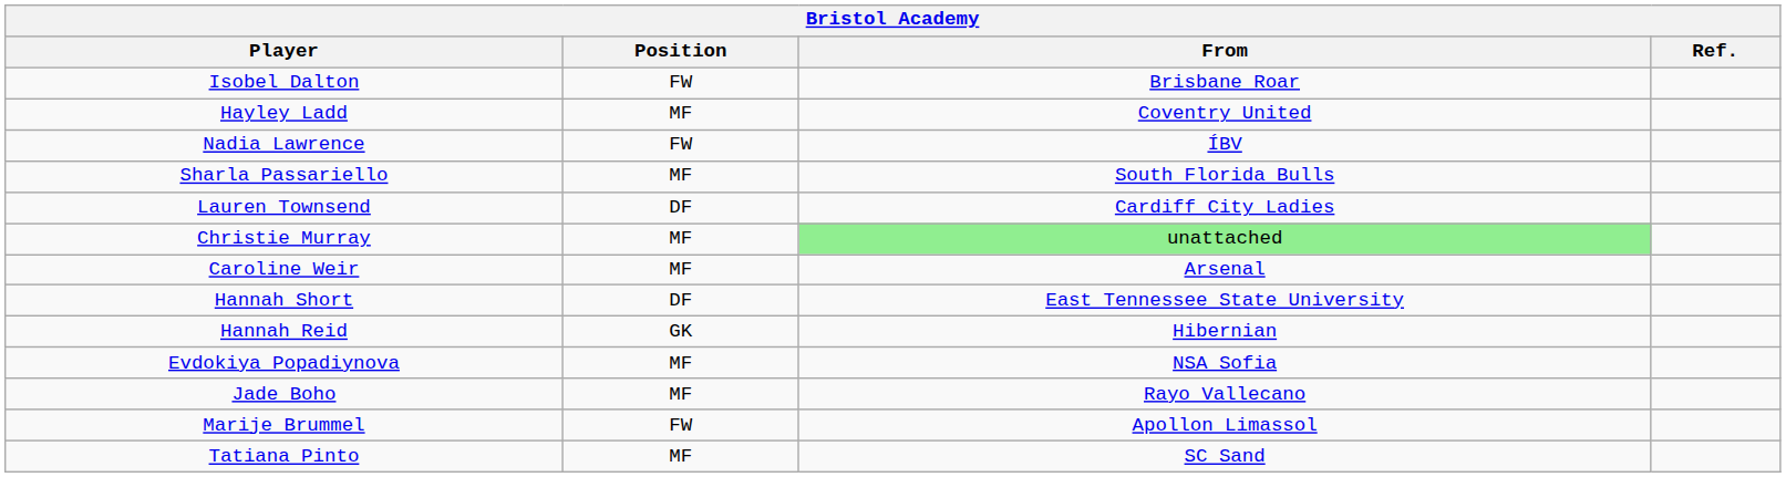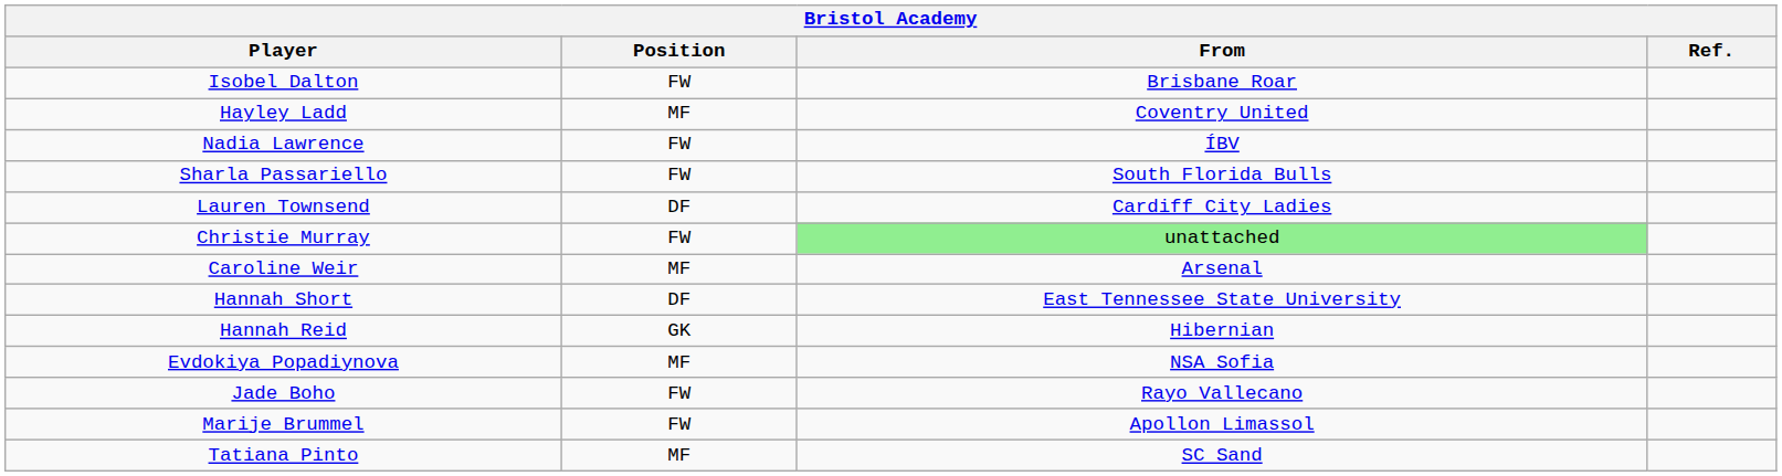 <table class="wikitable sortable collapsible collapsed" style="font-size:95%; text-align: center; width: 90%;">
 <tr>
 <th colspan="4"  style="with:100%; text-align:center;"><strong><a href='#'>Bristol Academy</a></strong></th>
 </tr>
 <tr>
 <th>Player</th>
 <th>Position</th>
 <th>From</th>
 <th>Ref.</th>
 </tr>
 <tr>
 <td> <a href='#'>Isobel Dalton</a></td>
 <td>FW</td>
 <td><a href='#'>Brisbane Roar</a></td>
 <td></td>
 </tr>
 <tr>
 <td> <a href='#'>Hayley Ladd</a></td>
 <td>MF</td>
 <td><a href='#'>Coventry United</a></td>
 <td></td>
 </tr>
 <tr>
 <td> <a href='#'>Nadia Lawrence</a></td>
 <td>FW</td>
 <td><a href='#'>ÍBV</a></td>
 <td></td>
 </tr>
 <tr>
 <td> <a href='#'>Sharla Passariello</a></td>
-<td>MF</td>
+<td>FW</td>
 <td><a href='#'>South Florida Bulls</a></td>
 <td></td>
 </tr>
 <tr>
 <td> <a href='#'>Lauren Townsend</a></td>
 <td>DF</td>
 <td><a href='#'>Cardiff City Ladies</a></td>
 <td></td>
 </tr>
 <tr>
 <td> <a href='#'>Christie Murray</a></td>
-<td>MF</td>
+<td>FW</td>
 <td style="background: lightgreen;">unattached</td>
 <td></td>
 </tr>
 <tr>
 <td> <a href='#'>Caroline Weir</a></td>
 <td>MF</td>
 <td><a href='#'>Arsenal</a></td>
 <td></td>
 </tr>
 <tr>
 <td> <a href='#'>Hannah Short</a></td>
 <td>DF</td>
 <td><a href='#'>East Tennessee State University</a></td>
 <td></td>
 </tr>
 <tr>
 <td> <a href='#'>Hannah Reid</a></td>
 <td>GK</td>
 <td><a href='#'>Hibernian</a></td>
 <td></td>
 </tr>
 <tr>
 <td> <a href='#'>Evdokiya Popadiynova</a></td>
 <td>MF</td>
 <td><a href='#'>NSA Sofia</a></td>
 <td></td>
 </tr>
 <tr>
 <td> <a href='#'>Jade Boho</a></td>
-<td>MF</td>
+<td>FW</td>
 <td><a href='#'>Rayo Vallecano</a></td>
 <td></td>
 </tr>
 <tr>
 <td> <a href='#'>Marije Brummel</a></td>
 <td>FW</td>
 <td><a href='#'>Apollon Limassol</a></td>
 <td></td>
 </tr>
 <tr>
 <td> <a href='#'>Tatiana Pinto</a></td>
 <td>MF</td>
 <td><a href='#'>SC Sand</a></td>
 <td></td>
 </tr>
 </table>
